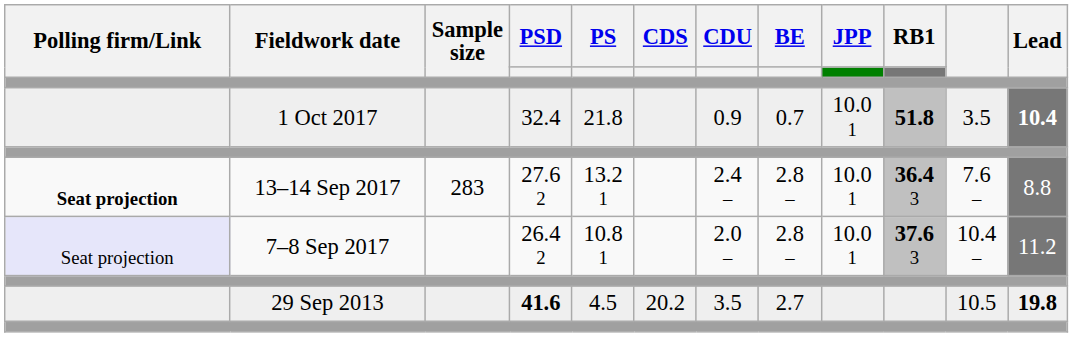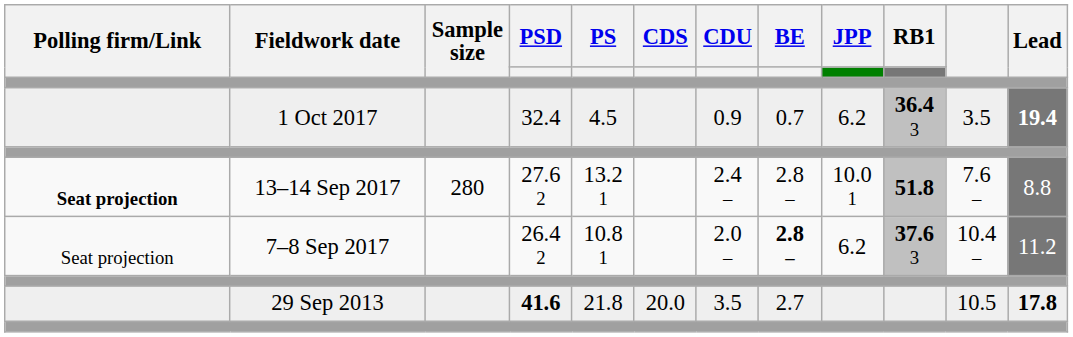 <table class="wikitable collapsible sortable" style="text-align:center; font-size:95%; line-height:16px;">
 <tr style="height:42px;">
 <th style="width:145px;" rowspan="2">Polling firm/Link</th>
 <th style="width:125px;" rowspan="2">Fieldwork date</th>
 <th class="unsortable" style="width:50px;" rowspan="2">Sample size</th>
 <th class="unsortable" style="width:35px;"><a href='#'>PSD</a></th>
 <th class="unsortable" style="width:35px;"><a href='#'>PS</a></th>
 <th class="unsortable" style="width:35px;"><a href='#'>CDS</a></th>
 <th class="unsortable" style="width:35px;"><a href='#'>CDU</a></th>
 <th class="unsortable" style="width:35px;"><a href='#'>BE</a></th>
 <th class="unsortable" style="width:35px;"><a href='#'>JPP</a></th>
 <th class="unsortable" style="width:35px;">RB1</th>
 <th class="unsortable" style="width:35px;" rowspan="2"></th>
 <th class="unsortable" style="width:30px;" rowspan="2">Lead</th>
 </tr>
 <tr>
 <th class="unsortable" style="color:inherit;background:"></th>
 <th class="unsortable" style="color:inherit;background:"></th>
 <th class="unsortable" style="color:inherit;background:"></th>
 <th class="unsortable" style="color:inherit;background:"></th>
 <th class="unsortable" style="color:inherit;background:"></th>
 <th class="unsortable" style="color:inherit;background:green;"></th>
 <th class="unsortable" style="color:inherit;background:#777777;"></th>
 </tr>
 <tr>
 <td colspan="12" style="background:#A0A0A0"></td>
 </tr>
 <tr style="background:#EFEFEF;">
 <td><strong></strong></td>
 <td data-sort-value="2019-10-06">1 Oct 2017</td>
 <td></td>
 <td>32.4<br></td>
-<td>21.8<br></td>
+<td>4.5<br></td>
 <td></td>
 <td>0.9<br></td>
 <td>0.7<br></td>
-<td align="center">10.0<br><small>1</small></td>
-<td style="background:#C0C0C0"><strong>51.8</strong><br></td>
+<td>6.2<br></td>
+<td align="center" style="background:#C0C0C0"><strong>36.4</strong><br><small>3</small></td>
 <td>3.5</td>
-<td style="background:#777777; color:white;"><strong>10.4</strong></td>
+<td style="background:#777777; color:white;"><strong>19.4</strong></td>
 </tr>
 <tr>
 <td colspan="12" style="background:#A0A0A0"></td>
 </tr>
 <tr>
 <td align="center"><strong><br><small>Seat projection</small></strong></td>
 <td align="center">13–14 Sep 2017</td>
-<td>283</td>
+<td>280</td>
 <td align="center">27.6<br><small>2</small></td>
 <td align="center">13.2<br><small>1</small></td>
 <td></td>
 <td align="center">2.4<br><small>–</small></td>
 <td align="center">2.8<br><small>–</small></td>
 <td align="center">10.0<br><small>1</small></td>
-<td align="center" style="background:#C0C0C0"><strong>36.4</strong><br><small>3</small></td>
+<td style="background:#C0C0C0"><strong>51.8</strong><br></td>
 <td align="center">7.6<br><small>–</small></td>
 <td style="background:#777777; color:white;">8.8</td>
 </tr>
 <tr>
-<td align="center" style="background: lavender;"><br><small>Seat projection</small></td>
+<td align="center"><br><small>Seat projection</small></td>
 <td align="center">7–8 Sep 2017</td>
 <td></td>
 <td align="center">26.4<br><small>2</small></td>
 <td align="center">10.8<br><small>1</small></td>
 <td></td>
 <td align="center">2.0<br><small>–</small></td>
-<td align="center">2.8<br><small>–</small></td>
-<td align="center">10.0<br><small>1</small></td>
+<td align="center"><strong>2.8<br><small>–</small></strong></td>
+<td>6.2<br></td>
 <td align="center" style="background:#C0C0C0"><strong>37.6</strong><br><small>3</small></td>
 <td align="center">10.4<br><small>–</small></td>
 <td style="background:#777777; color:white;">11.2</td>
 </tr>
 <tr>
 <td colspan="12" style="background:#A0A0A0"></td>
 </tr>
 <tr style="background:#EFEFEF;">
 <td><strong></strong></td>
 <td data-sort-value="2019-10-06">29 Sep 2013</td>
 <td></td>
 <td><strong>41.6</strong><br></td>
-<td>4.5<br></td>
-<td>20.2<br></td>
+<td>21.8<br></td>
+<td>20.0<br></td>
 <td>3.5<br></td>
 <td>2.7<br></td>
 <td></td>
 <td></td>
 <td>10.5<br></td>
-<td style="background:"><strong>19.8</strong></td>
+<td style="background:"><strong>17.8</strong></td>
 </tr>
 <tr>
 <td colspan="12" style="background:#A0A0A0"></td>
 </tr>
 </table>
